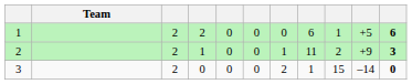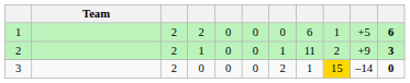 <table class="wikitable" style="text-align: center; font-size: 100%;">
 <tr>
 <th width="30"></th>
 <th width="170">Team</th>
 <th width="30"></th>
 <th width="30"></th>
 <th width="30"></th>
 <th width="30"></th>
 <th width="30"></th>
 <th width="30"></th>
 <th width="30"></th>
 <th width="30"></th>
 <th width="30"></th>
 </tr>
 <tr style="background-color: #bbf3bb">
 <td>1</td>
 <td align="left"></td>
 <td>2</td>
 <td>2</td>
 <td>0</td>
 <td>0</td>
 <td>0</td>
 <td>6</td>
 <td>1</td>
 <td>+5</td>
 <td><strong>6</strong></td>
 </tr>
 <tr style="background-color: #bbf3bb">
 <td>2</td>
 <td align="left"></td>
 <td>2</td>
 <td>1</td>
 <td>0</td>
 <td>0</td>
 <td>1</td>
 <td>11</td>
 <td>2</td>
 <td>+9</td>
 <td><strong>3</strong></td>
 </tr>
 <tr>
 <td>3</td>
 <td align="left"></td>
 <td>2</td>
 <td>0</td>
 <td>0</td>
 <td>0</td>
 <td>2</td>
 <td>1</td>
-<td>15</td>
+<td style="background: gold;">15</td>
 <td>–14</td>
 <td><strong>0</strong></td>
 </tr>
 </table>
